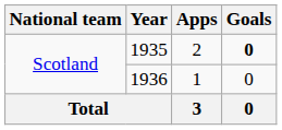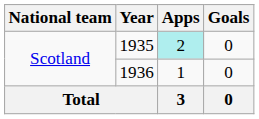 <table class="wikitable" style="text-align:center">
 <tr>
 <th>National team</th>
 <th>Year</th>
 <th>Apps</th>
 <th>Goals</th>
 </tr>
 <tr>
 <td rowspan="2"><a href='#'>Scotland</a></td>
 <td>1935</td>
-<td>2</td>
-<td><strong>0</strong></td>
+<td style="background: paleturquoise;">2</td>
+<td>0</td>
 </tr>
 <tr>
 <td>1936</td>
 <td>1</td>
 <td>0</td>
 </tr>
 <tr>
 <th colspan="2">Total</th>
 <th>3</th>
 <th>0</th>
 </tr>
 </table>
